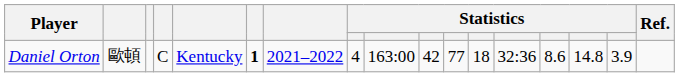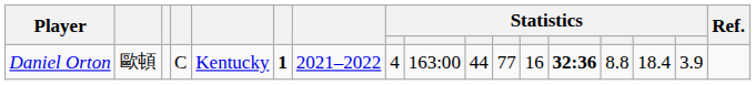 <table class="wikitable sortable" style="font-size:95%; text-align:right;">
 <tr>
 <th rowspan="2">Player</th>
 <th rowspan="2"></th>
 <th rowspan="2"></th>
 <th rowspan="2"></th>
 <th rowspan="2"></th>
 <th rowspan="2"></th>
 <th rowspan="2"></th>
 <th colspan="9">Statistics</th>
 <th rowspan="2">Ref.</th>
 </tr>
 <tr>
 <th></th>
 <th></th>
 <th></th>
 <th></th>
 <th></th>
 <th></th>
 <th></th>
 <th></th>
 <th></th>
 </tr>
 <tr>
 <td align="left"><em><a href='#'>Daniel Orton</a></em></td>
 <td align="left">歐頓</td>
 <td align="center"></td>
 <td align="center">C</td>
 <td align="left"><a href='#'>Kentucky</a></td>
 <td align="center"><strong>1</strong></td>
 <td align="center"><a href='#'>2021–2022</a></td>
 <td>4</td>
 <td>163:00</td>
-<td>42</td>
+<td>44</td>
 <td>77</td>
-<td>18</td>
-<td>32:36</td>
-<td>8.6</td>
-<td>14.8</td>
+<td>16</td>
+<td><strong>32:36</strong></td>
+<td>8.8</td>
+<td>18.4</td>
 <td>3.9</td>
 <td align="center"></td>
 </tr>
 </table>
